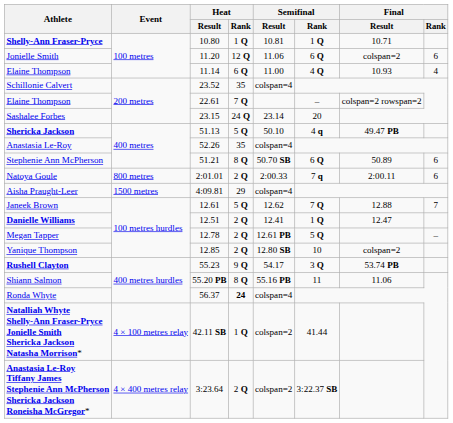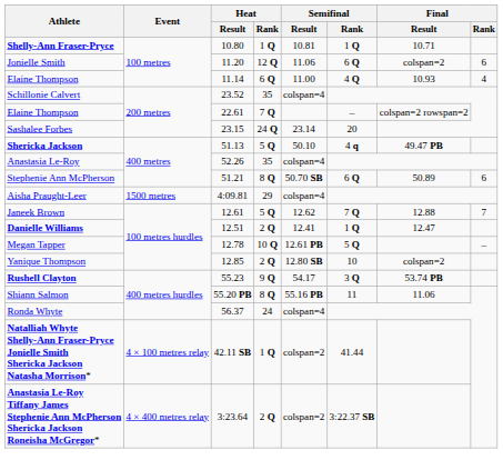 <table class="wikitable" style="font-size:90%">
 <tr>
 <th rowspan="2">Athlete</th>
 <th rowspan="2">Event</th>
 <th colspan="2">Heat</th>
 <th colspan="2">Semifinal</th>
 <th colspan="2">Final</th>
 </tr>
 <tr style="font-size:95%">
 <th>Result</th>
 <th>Rank</th>
 <th>Result</th>
 <th>Rank</th>
 <th>Result</th>
 <th>Rank</th>
 </tr>
 <tr style=text-align:center>
 <td style=text-align:left><strong><a href='#'>Shelly-Ann Fraser-Pryce</a></strong></td>
 <td style=text-align:left rowspan=3><a href='#'>100 metres</a></td>
 <td>10.80</td>
 <td>1 <strong>Q</strong></td>
 <td>10.81</td>
 <td>1 <strong>Q</strong></td>
 <td>10.71 <strong></strong></td>
 <td></td>
 </tr>
 <tr style=text-align:center>
 <td style=text-align:left><a href='#'>Jonielle Smith</a></td>
 <td>11.20</td>
 <td>12 <strong>Q</strong></td>
 <td>11.06</td>
 <td>6 <strong>Q</strong></td>
 <td>colspan=2</td>
 <td>6</td>
 </tr>
 <tr style=text-align:center>
 <td style=text-align:left><a href='#'>Elaine Thompson</a></td>
 <td>11.14</td>
 <td>6 <strong>Q</strong></td>
 <td>11.00</td>
 <td>4 <strong>Q</strong></td>
 <td>10.93</td>
 <td>4</td>
 </tr>
 <tr style=text-align:center>
 <td style=text-align:left><a href='#'>Schillonie Calvert</a></td>
 <td style=text-align:left rowspan=3><a href='#'>200 metres</a></td>
 <td>23.52</td>
 <td>35</td>
 <td>colspan=4</td>
 </tr>
 <tr style=text-align:center>
 <td style=text-align:left><a href='#'>Elaine Thompson</a></td>
 <td>22.61</td>
 <td>7 <strong>Q</strong></td>
 <td></td>
 <td>–</td>
 <td>colspan=2 rowspan=2</td>
 </tr>
 <tr style=text-align:center>
 <td style=text-align:left><a href='#'>Sashalee Forbes</a></td>
 <td>23.15</td>
 <td>24 <strong>Q</strong></td>
 <td>23.14</td>
 <td>20</td>
 </tr>
 <tr style=text-align:center>
 <td style=text-align:left><strong><a href='#'>Shericka Jackson</a></strong></td>
 <td style=text-align:left rowspan=3><a href='#'>400 metres</a></td>
 <td>51.13</td>
 <td>5 <strong>Q</strong></td>
 <td>50.10</td>
 <td>4 <strong>q</strong></td>
 <td>49.47 <strong>PB</strong></td>
 <td></td>
 </tr>
 <tr style=text-align:center>
 <td style=text-align:left><a href='#'>Anastasia Le-Roy</a></td>
 <td>52.26</td>
 <td>35</td>
 <td>colspan=4</td>
 </tr>
 <tr style=text-align:center>
 <td style=text-align:left><a href='#'>Stephenie Ann McPherson</a></td>
 <td>51.21</td>
 <td>8 <strong>Q</strong></td>
 <td>50.70 <strong>SB</strong></td>
 <td>6 <strong>Q</strong></td>
 <td>50.89</td>
 <td>6</td>
 </tr>
 <tr style=text-align:center>
-<td style=text-align:left><a href='#'>Natoya Goule</a></td>
-<td style=text-align:left><a href='#'>800 metres</a></td>
-<td>2:01.01</td>
-<td>2 <strong>Q</strong></td>
-<td>2:00.33</td>
-<td>7 <strong>q</strong></td>
-<td>2:00.11</td>
-<td>6</td>
-</tr>
-<tr style=text-align:center>
 <td style=text-align:left><a href='#'>Aisha Praught-Leer</a></td>
 <td style=text-align:left><a href='#'>1500 metres</a></td>
 <td>4:09.81</td>
 <td>29</td>
 <td>colspan=4</td>
 </tr>
 <tr style=text-align:center>
 <td style=text-align:left><a href='#'>Janeek Brown</a></td>
 <td style=text-align:left rowspan=4><a href='#'>100 metres hurdles</a></td>
 <td>12.61</td>
 <td>5 <strong>Q</strong></td>
 <td>12.62</td>
 <td>7 <strong>Q</strong></td>
 <td>12.88</td>
 <td>7</td>
 </tr>
 <tr style=text-align:center>
 <td style=text-align:left><strong><a href='#'>Danielle Williams</a></strong></td>
 <td>12.51</td>
 <td>2 <strong>Q</strong></td>
 <td>12.41</td>
 <td>1 <strong>Q</strong></td>
 <td>12.47</td>
 <td></td>
 </tr>
 <tr style=text-align:center>
 <td style=text-align:left><a href='#'>Megan Tapper</a></td>
 <td>12.78</td>
-<td>2 <strong>Q</strong></td>
+<td>10 <strong>Q</strong></td>
 <td>12.61 <strong>PB</strong></td>
 <td>5 <strong>Q</strong></td>
 <td></td>
 <td>–</td>
 </tr>
 <tr style=text-align:center>
 <td style=text-align:left><a href='#'>Yanique Thompson</a></td>
 <td>12.85</td>
 <td>2 <strong>Q</strong></td>
 <td>12.80 <strong>SB</strong></td>
 <td>10</td>
 <td>colspan=2</td>
 </tr>
 <tr style=text-align:center>
 <td style=text-align:left><strong><a href='#'>Rushell Clayton</a></strong></td>
 <td style=text-align:left rowspan=3><a href='#'>400 metres hurdles</a></td>
 <td>55.23</td>
 <td>9 <strong>Q</strong></td>
 <td>54.17</td>
 <td>3 <strong>Q</strong></td>
 <td>53.74 <strong>PB</strong></td>
 <td></td>
 </tr>
 <tr style=text-align:center>
 <td style=text-align:left><a href='#'>Shiann Salmon</a></td>
 <td>55.20 <strong>PB</strong></td>
 <td>8 <strong>Q</strong></td>
 <td>55.16 <strong>PB</strong></td>
 <td>11</td>
 <td>11.06</td>
 </tr>
 <tr style=text-align:center>
 <td style=text-align:left><a href='#'>Ronda Whyte</a></td>
 <td>56.37</td>
-<td><strong>24</strong></td>
+<td>24</td>
 <td>colspan=4</td>
 </tr>
 <tr style=text-align:center>
 <td style=text-align:left><strong><a href='#'>Natalliah Whyte</a><br><a href='#'>Shelly-Ann Fraser-Pryce</a><br><a href='#'>Jonielle Smith</a><br><a href='#'>Shericka Jackson</a><br><a href='#'>Natasha Morrison</a></strong>*</td>
 <td style=text-align:left><a href='#'>4 × 100 metres relay</a></td>
 <td>42.11 <strong>SB</strong></td>
 <td>1 <strong>Q</strong></td>
 <td>colspan=2 </td>
 <td>41.44 <strong></strong></td>
 <td></td>
 </tr>
 <tr style=text-align:center>
 <td style=text-align:left><strong><a href='#'>Anastasia Le-Roy</a><br><a href='#'>Tiffany James</a><br><a href='#'>Stephenie Ann McPherson</a><br><a href='#'>Shericka Jackson</a><br><a href='#'>Roneisha McGregor</a></strong>*</td>
 <td style=text-align:left><a href='#'>4 × 400 metres relay</a></td>
 <td>3:23.64 <strong></strong></td>
 <td>2 <strong>Q</strong></td>
 <td>colspan=2 </td>
 <td>3:22.37 <strong>SB</strong></td>
 <td></td>
 </tr>
 </table>
